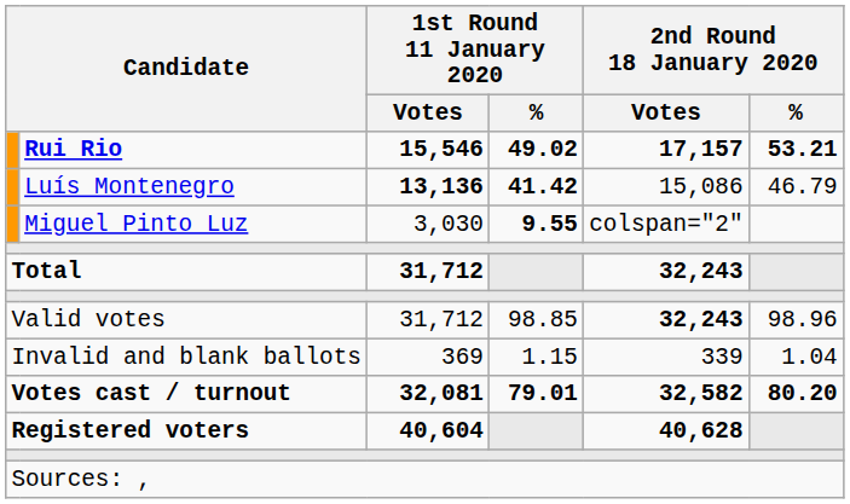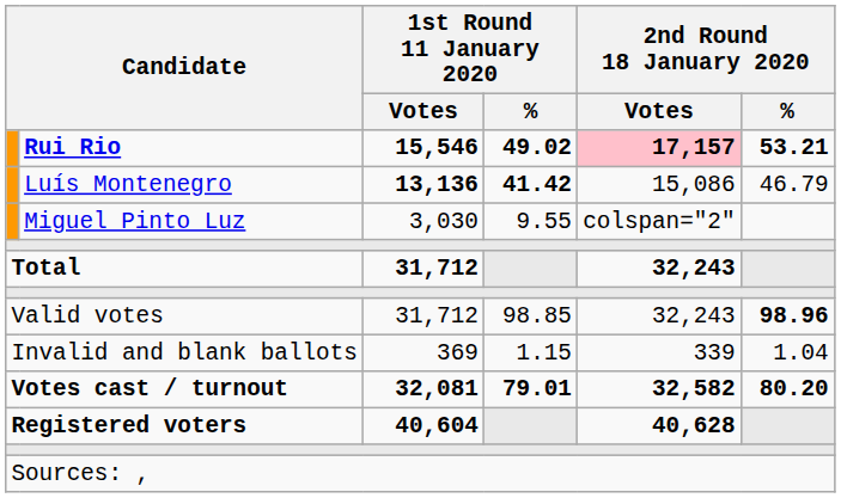 <table class="wikitable" style="text-align:right; font-size:97%;">
 <tr>
 <th rowspan="2" colspan="2" width="170">Candidate</th>
 <th colspan="2">1st Round<br>11 January 2020</th>
 <th colspan="2">2nd Round<br>18 January 2020</th>
 </tr>
 <tr>
 <th width="60">Votes</th>
 <th width="45">%</th>
 <th width="60">Votes</th>
 <th width="45">%</th>
 </tr>
 <tr>
 <td width="1" style="color:inherit;background:#FF9900"></td>
 <td align="left"><strong><a href='#'>Rui Rio</a></strong></td>
 <td><strong>15,546</strong></td>
 <td><strong>49.02</strong></td>
-<td><strong>17,157</strong></td>
+<td style="background: pink;"><strong>17,157</strong></td>
 <td><strong>53.21</strong></td>
 </tr>
 <tr>
 <td style="color:inherit;background:#FF9900"></td>
 <td align="left"><a href='#'>Luís Montenegro</a></td>
 <td><strong>13,136</strong></td>
 <td><strong>41.42</strong></td>
 <td>15,086</td>
 <td>46.79</td>
 </tr>
 <tr>
 <td style="color:inherit;background:#FF9900"></td>
 <td align="left"><a href='#'>Miguel Pinto Luz</a></td>
 <td>3,030</td>
-<td><strong>9.55</strong></td>
+<td>9.55</td>
 <td>colspan="2" </td>
 </tr>
 <tr>
 <td colspan="6" bgcolor="#E9E9E9"></td>
 </tr>
 <tr style="font-weight:bold;">
 <td align="left" colspan="2">Total</td>
 <td>31,712</td>
 <td bgcolor="#E9E9E9"></td>
 <td>32,243</td>
 <td bgcolor="#E9E9E9"></td>
 </tr>
 <tr>
 <td colspan="6" bgcolor="#E9E9E9"></td>
 </tr>
 <tr>
 <td align="left" colspan="2">Valid votes</td>
 <td>31,712</td>
 <td>98.85</td>
-<td><strong>32,243</strong></td>
-<td>98.96</td>
+<td>32,243</td>
+<td><strong>98.96</strong></td>
 </tr>
 <tr>
 <td align="left" colspan="2">Invalid and blank ballots</td>
 <td>369</td>
 <td>1.15</td>
 <td>339</td>
 <td>1.04</td>
 </tr>
 <tr style="font-weight:bold;">
 <td align="left" colspan="2">Votes cast / turnout</td>
 <td>32,081</td>
 <td>79.01</td>
 <td>32,582</td>
 <td>80.20</td>
 </tr>
 <tr style="font-weight:bold;">
 <td align="left" colspan="2">Registered voters</td>
 <td>40,604</td>
 <td bgcolor="#E9E9E9"></td>
 <td>40,628</td>
 <td bgcolor="#E9E9E9"></td>
 </tr>
 <tr>
 <td colspan="6" bgcolor="#E9E9E9"></td>
 </tr>
 <tr>
 <td align="left" colspan="6">Sources: , </td>
 </tr>
 </table>
